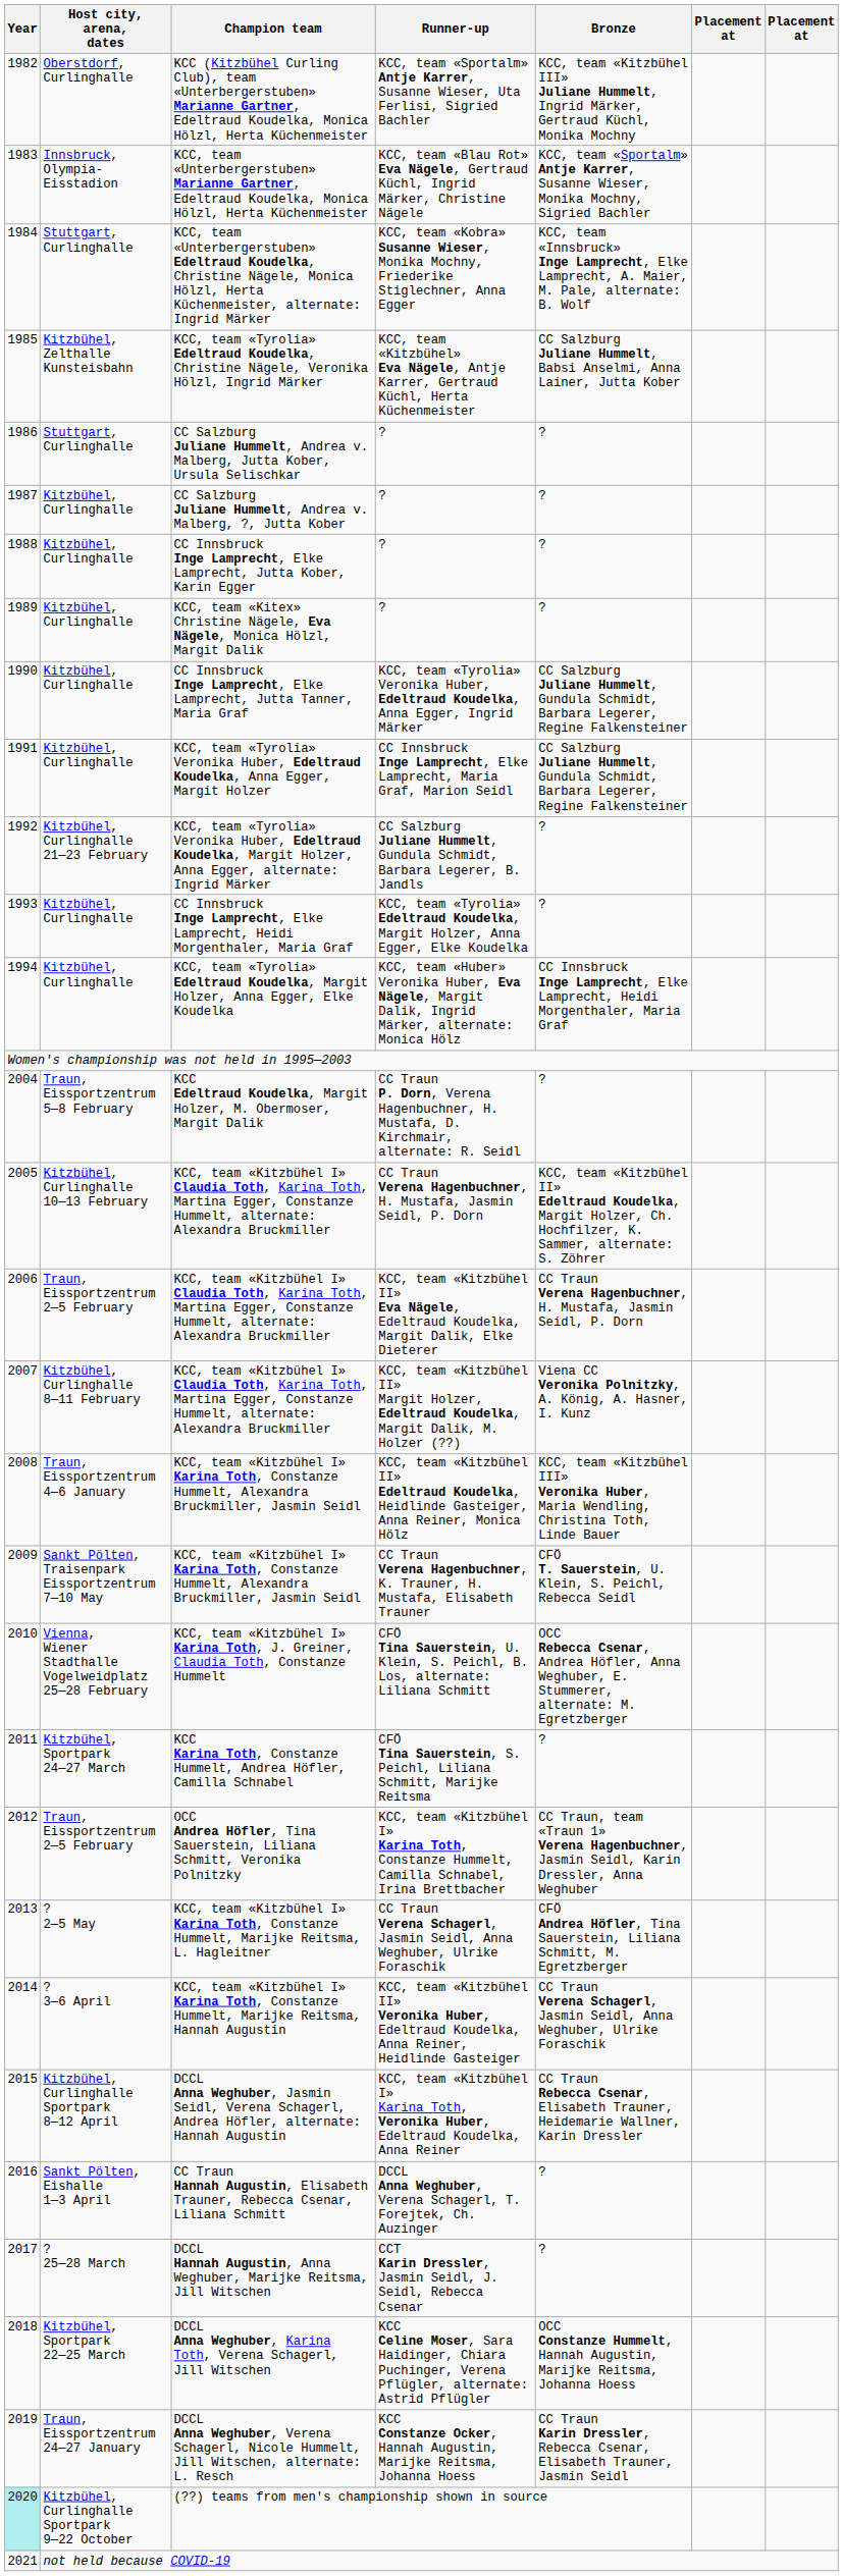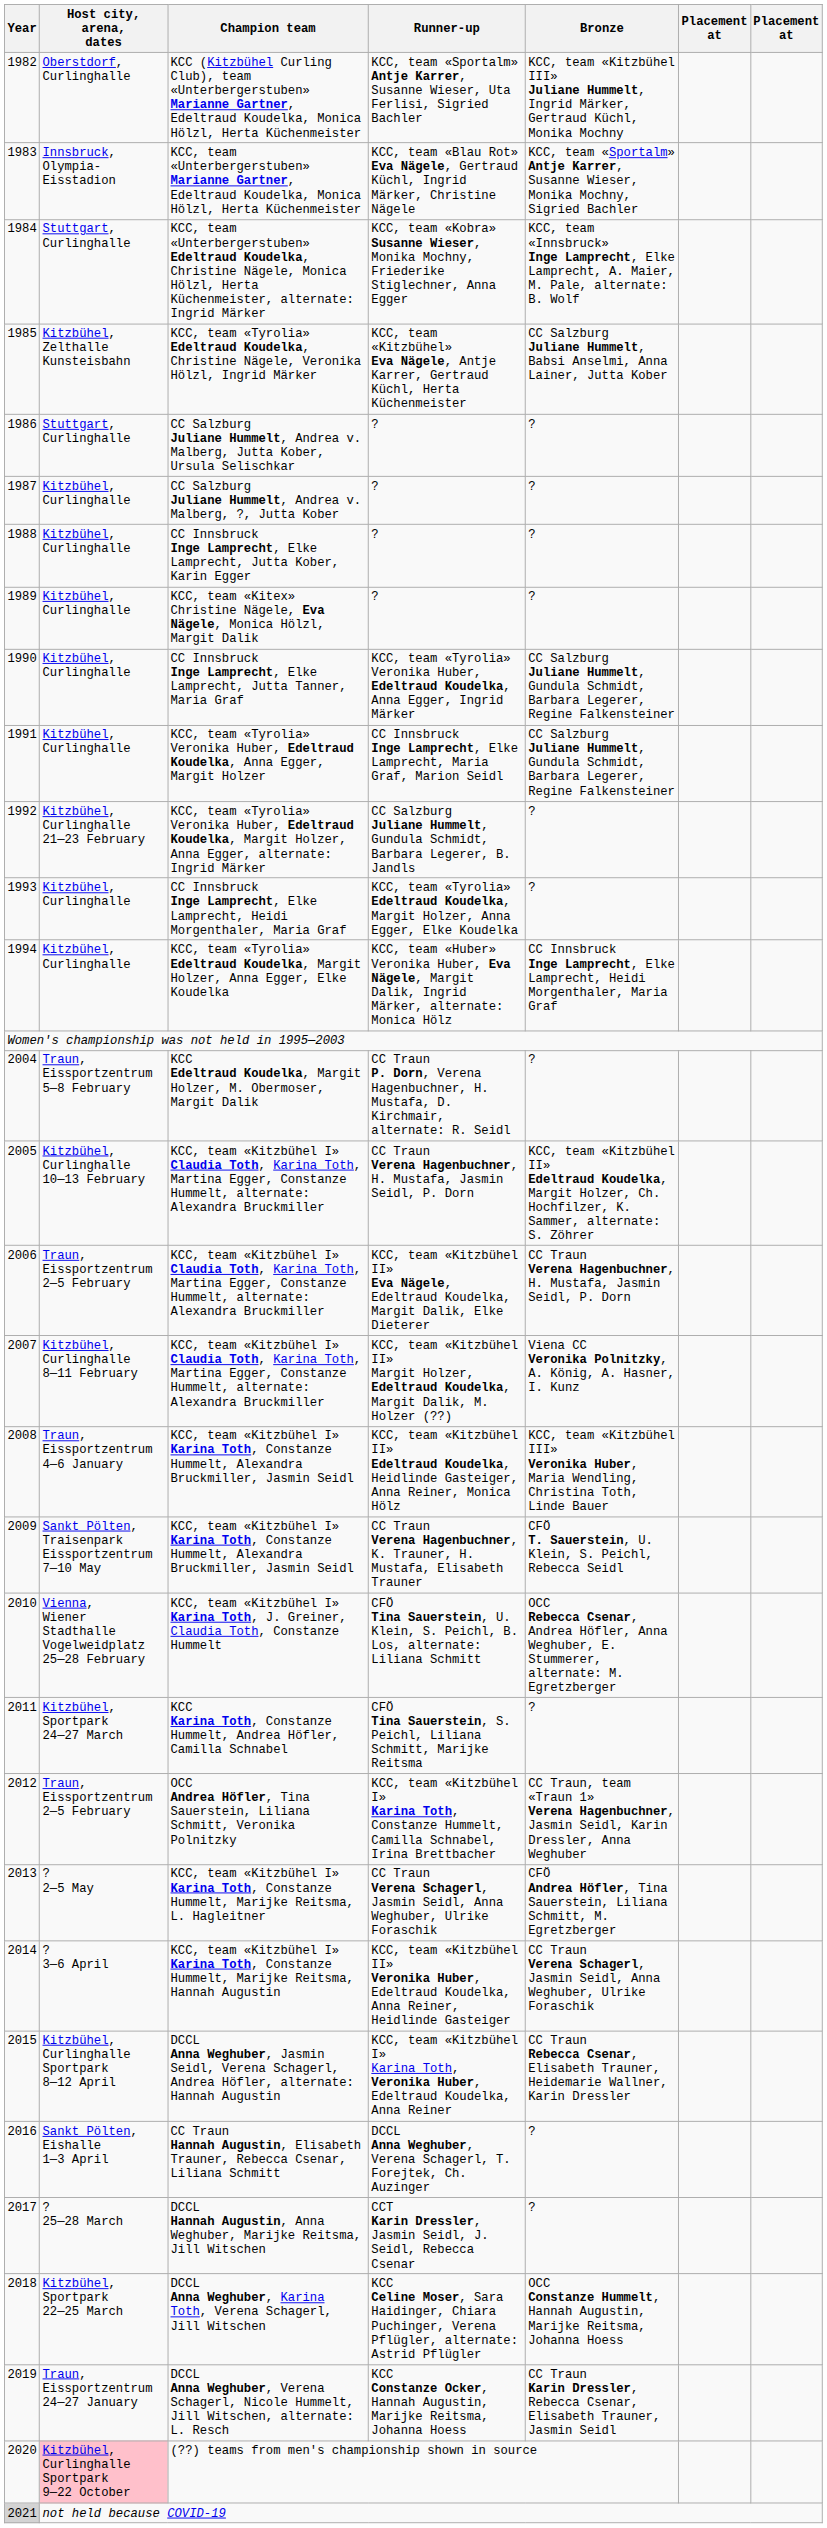 <table class="wikitable" border="1">
 <tr>
 <th>Year</th>
 <th>Host city, arena,<br>dates</th>
 <th>Champion team</th>
 <th>Runner-up</th>
 <th>Bronze</th>
 <th>Placement<br>at </th>
 <th>Placement<br>at </th>
 </tr>
 <tr valign="top">
 <td>1982</td>
 <td><a href='#'>Oberstdorf</a>,<br>Curlinghalle</td>
 <td>KCC (<a href='#'>Kitzbühel</a> Curling Club), team «Unterbergerstuben»<br><strong><a href='#'>Marianne Gartner</a></strong>, Edeltraud Koudelka, Monica Hölzl, Herta Küchenmeister</td>
 <td>KCC, team «Sportalm»<br><strong>Antje Karrer</strong>, Susanne Wieser, Uta Ferlisi, Sigried Bachler</td>
 <td>KCC, team «Kitzbühel III»<br><strong>Juliane Hummelt</strong>, Ingrid Märker, Gertraud Küchl, Monika Mochny</td>
 <td></td>
 <td></td>
 </tr>
 <tr valign="top">
 <td>1983</td>
 <td><a href='#'>Innsbruck</a>,<br>Olympia-Eisstadion</td>
 <td>KCC, team «Unterbergerstuben»<br><strong><a href='#'>Marianne Gartner</a></strong>, Edeltraud Koudelka, Monica Hölzl, Herta Küchenmeister</td>
 <td>KCC, team «Blau Rot»<br><strong>Eva Nägele</strong>, Gertraud Küchl, Ingrid Märker, Christine Nägele</td>
 <td>KCC, team «<a href='#'>Sportalm</a>»<br><strong>Antje Karrer</strong>, Susanne Wieser, Monika Mochny, Sigried Bachler</td>
 <td></td>
 <td></td>
 </tr>
 <tr valign="top">
 <td>1984</td>
 <td><a href='#'>Stuttgart</a>,<br>Curlinghalle</td>
 <td>KCC, team «Unterbergerstuben»<br><strong>Edeltraud Koudelka</strong>, Christine Nägele, Monica Hölzl, Herta Küchenmeister, alternate: Ingrid Märker</td>
 <td>KCC, team «Kobra»<br><strong>Susanne Wieser</strong>, Monika Mochny, Friederike Stiglechner, Anna Egger</td>
 <td>KCC, team «Innsbruck»<br><strong>Inge Lamprecht</strong>, Elke Lamprecht, A. Maier, M. Pale, alternate: B. Wolf</td>
 <td></td>
 <td></td>
 </tr>
 <tr valign="top">
 <td>1985</td>
 <td><a href='#'>Kitzbühel</a>,<br>Zelthalle Kunsteisbahn</td>
 <td>KCC, team «Tyrolia»<br><strong>Edeltraud Koudelka</strong>, Christine Nägele, Veronika Hölzl, Ingrid Märker</td>
 <td>KCC, team «Kitzbühel»<br><strong>Eva Nägele</strong>, Antje Karrer, Gertraud Küchl, Herta Küchenmeister</td>
 <td>CC Salzburg<br><strong>Juliane Hummelt</strong>, Babsi Anselmi, Anna Lainer, Jutta Kober</td>
 <td></td>
 <td></td>
 </tr>
 <tr valign="top">
 <td>1986</td>
 <td><a href='#'>Stuttgart</a>,<br>Curlinghalle</td>
 <td>CC Salzburg<br><strong>Juliane Hummelt</strong>, Andrea v. Malberg, Jutta Kober, Ursula Selischkar</td>
 <td>?</td>
 <td>?</td>
 <td></td>
 <td></td>
 </tr>
 <tr valign="top">
 <td>1987</td>
 <td><a href='#'>Kitzbühel</a>,<br>Curlinghalle</td>
 <td>CC Salzburg<br><strong>Juliane Hummelt</strong>, Andrea v. Malberg, ?, Jutta Kober</td>
 <td>?</td>
 <td>?</td>
 <td></td>
 <td></td>
 </tr>
 <tr valign="top">
 <td>1988</td>
 <td><a href='#'>Kitzbühel</a>,<br>Curlinghalle</td>
 <td>CC Innsbruck<br><strong>Inge Lamprecht</strong>, Elke Lamprecht, Jutta Kober, Karin Egger</td>
 <td>?</td>
 <td>?</td>
 <td></td>
 <td></td>
 </tr>
 <tr valign="top">
 <td>1989</td>
 <td><a href='#'>Kitzbühel</a>,<br>Curlinghalle</td>
 <td>KCC, team «Kitex»<br>Christine Nägele, <strong>Eva Nägele</strong>, Monica Hölzl, Margit Dalik</td>
 <td>?</td>
 <td>?</td>
 <td></td>
 <td></td>
 </tr>
 <tr valign="top">
 <td>1990</td>
 <td><a href='#'>Kitzbühel</a>,<br>Curlinghalle</td>
 <td>CC Innsbruck<br><strong>Inge Lamprecht</strong>, Elke Lamprecht, Jutta Tanner, Maria Graf</td>
 <td>KCC, team «Tyrolia»<br>Veronika Huber, <strong>Edeltraud Koudelka</strong>, Anna Egger, Ingrid Märker</td>
 <td>CC Salzburg<br><strong>Juliane Hummelt</strong>, Gundula Schmidt, Barbara Legerer, Regine Falkensteiner</td>
 <td></td>
 <td></td>
 </tr>
 <tr valign="top">
 <td>1991</td>
 <td><a href='#'>Kitzbühel</a>,<br>Curlinghalle</td>
 <td>KCC, team «Tyrolia»<br>Veronika Huber, <strong>Edeltraud Koudelka</strong>, Anna Egger, Margit Holzer</td>
 <td>CC Innsbruck<br><strong>Inge Lamprecht</strong>, Elke Lamprecht, Maria Graf, Marion Seidl</td>
 <td>CC Salzburg<br><strong>Juliane Hummelt</strong>, Gundula Schmidt, Barbara Legerer, Regine Falkensteiner</td>
 <td></td>
 <td></td>
 </tr>
 <tr valign="top">
 <td>1992</td>
 <td><a href='#'>Kitzbühel</a>,<br>Curlinghalle<br>21—23 February</td>
 <td>KCC, team «Tyrolia»<br>Veronika Huber, <strong>Edeltraud Koudelka</strong>, Margit Holzer, Anna Egger, alternate: Ingrid Märker</td>
 <td>CC Salzburg<br><strong>Juliane Hummelt</strong>, Gundula Schmidt, Barbara Legerer, B. Jandls</td>
 <td>?</td>
 <td></td>
 <td></td>
 </tr>
 <tr valign="top">
 <td>1993</td>
 <td><a href='#'>Kitzbühel</a>,<br>Curlinghalle</td>
 <td>CC Innsbruck<br><strong>Inge Lamprecht</strong>, Elke Lamprecht, Heidi Morgenthaler, Maria Graf</td>
 <td>KCC, team «Tyrolia»<br><strong>Edeltraud Koudelka</strong>, Margit Holzer, Anna Egger, Elke Koudelka</td>
 <td>?</td>
 <td></td>
 <td></td>
 </tr>
 <tr valign="top">
 <td>1994</td>
 <td><a href='#'>Kitzbühel</a>,<br>Curlinghalle</td>
 <td>KCC, team «Tyrolia»<br><strong>Edeltraud Koudelka</strong>, Margit Holzer, Anna Egger, Elke Koudelka</td>
 <td>KCC, team «Huber»<br>Veronika Huber, <strong>Eva Nägele</strong>, Margit Dalik, Ingrid Märker, alternate: Monica Hölz</td>
 <td>CC Innsbruck<br><strong>Inge Lamprecht</strong>, Elke Lamprecht, Heidi Morgenthaler, Maria Graf</td>
 <td></td>
 <td></td>
 </tr>
 <tr valign="top">
 <td colspan=7><em>Women's championship was not held in 1995—2003</em></td>
 </tr>
 <tr valign="top">
 <td>2004</td>
 <td><a href='#'>Traun</a>,<br>Eissportzentrum<br>5—8 February</td>
 <td>KCC<br><strong>Edeltraud Koudelka</strong>, Margit Holzer, M. Obermoser, Margit Dalik</td>
 <td>CC Traun<br><strong>P. Dorn</strong>, Verena Hagenbuchner, H. Mustafa, D. Kirchmair, alternate: R. Seidl</td>
 <td>?</td>
 <td></td>
 <td></td>
 </tr>
 <tr valign="top">
 <td>2005</td>
 <td><a href='#'>Kitzbühel</a>,<br>Curlinghalle<br>10—13 February</td>
 <td>KCC, team «Kitzbühel I»<br><strong><a href='#'>Claudia Toth</a></strong>, <a href='#'>Karina Toth</a>, Martina Egger, Constanze Hummelt, alternate: Alexandra Bruckmiller</td>
 <td>CC Traun<br><strong>Verena Hagenbuchner</strong>, H. Mustafa, Jasmin Seidl, P. Dorn</td>
 <td>KCC, team «Kitzbühel II»<br><strong>Edeltraud Koudelka</strong>, Margit Holzer, Ch. Hochfilzer, K. Sammer, alternate: S. Zöhrer</td>
 <td></td>
 <td></td>
 </tr>
 <tr valign="top">
 <td>2006</td>
 <td><a href='#'>Traun</a>,<br>Eissportzentrum<br>2—5 February</td>
 <td>KCC, team «Kitzbühel I»<br><strong><a href='#'>Claudia Toth</a></strong>, <a href='#'>Karina Toth</a>, Martina Egger, Constanze Hummelt, alternate: Alexandra Bruckmiller</td>
 <td>KCC, team «Kitzbühel II»<br><strong>Eva Nägele</strong>, Edeltraud Koudelka, Margit Dalik, Elke Dieterer</td>
 <td>CC Traun<br><strong>Verena Hagenbuchner</strong>, H. Mustafa, Jasmin Seidl, P. Dorn</td>
 <td></td>
 <td></td>
 </tr>
 <tr valign="top">
 <td>2007</td>
 <td><a href='#'>Kitzbühel</a>,<br>Curlinghalle<br>8—11 February</td>
 <td>KCC, team «Kitzbühel I»<br><strong><a href='#'>Claudia Toth</a></strong>, <a href='#'>Karina Toth</a>, Martina Egger, Constanze Hummelt, alternate: Alexandra Bruckmiller</td>
 <td>KCC, team «Kitzbühel II»<br>Margit Holzer, <strong>Edeltraud Koudelka</strong>, Margit Dalik, M. Holzer (??)</td>
 <td>Viena CC<br><strong>Veronika Polnitzky</strong>, A. König, A. Hasner, I. Kunz</td>
 <td></td>
 <td></td>
 </tr>
 <tr valign="top">
 <td>2008</td>
 <td><a href='#'>Traun</a>,<br>Eissportzentrum<br>4—6 January</td>
 <td>KCC, team «Kitzbühel I»<br><strong><a href='#'>Karina Toth</a></strong>, Constanze Hummelt, Alexandra Bruckmiller, Jasmin Seidl</td>
 <td>KCC, team «Kitzbühel II»<br><strong>Edeltraud Koudelka</strong>, Heidlinde Gasteiger, Anna Reiner, Monica Hölz</td>
 <td>KCC, team «Kitzbühel III»<br><strong>Veronika Huber</strong>, Maria Wendling, Christina Toth, Linde Bauer</td>
 <td></td>
 <td></td>
 </tr>
 <tr valign="top">
 <td>2009</td>
 <td><a href='#'>Sankt Pölten</a>,<br>Traisenpark Eissportzentrum<br>7—10 May</td>
 <td>KCC, team «Kitzbühel I»<br><strong><a href='#'>Karina Toth</a></strong>, Constanze Hummelt, Alexandra Bruckmiller, Jasmin Seidl</td>
 <td>CC Traun<br><strong>Verena Hagenbuchner</strong>, K. Trauner, H. Mustafa, Elisabeth Trauner</td>
 <td>CFÖ<br><strong>T. Sauerstein</strong>, U. Klein, S. Peichl, Rebecca Seidl</td>
 <td></td>
 <td></td>
 </tr>
 <tr valign="top">
 <td>2010</td>
 <td><a href='#'>Vienna</a>,<br>Wiener Stadthalle Vogelweidplatz<br>25—28 February</td>
 <td>KCC, team «Kitzbühel I»<br><strong><a href='#'>Karina Toth</a></strong>, J. Greiner, <a href='#'>Claudia Toth</a>, Constanze Hummelt</td>
 <td>CFÖ<br><strong>Tina Sauerstein</strong>, U. Klein, S. Peichl, B. Los, alternate: Liliana Schmitt</td>
 <td>OCC<br><strong>Rebecca Csenar</strong>, Andrea Höfler, Anna Weghuber, E. Stummerer, alternate: M. Egretzberger</td>
 <td></td>
 <td></td>
 </tr>
 <tr valign="top">
 <td>2011</td>
 <td><a href='#'>Kitzbühel</a>,<br>Sportpark<br>24—27 March</td>
 <td>KCC<br><strong><a href='#'>Karina Toth</a></strong>, Constanze Hummelt, Andrea Höfler, Camilla Schnabel</td>
 <td>CFÖ<br><strong>Tina Sauerstein</strong>, S. Peichl, Liliana Schmitt, Marijke Reitsma</td>
 <td>?</td>
 <td></td>
 <td></td>
 </tr>
 <tr valign="top">
 <td>2012</td>
 <td><a href='#'>Traun</a>,<br>Eissportzentrum<br>2—5 February</td>
 <td>OCC<br><strong>Andrea Höfler</strong>, Tina Sauerstein, Liliana Schmitt, Veronika Polnitzky</td>
 <td>KCC, team «Kitzbühel I»<br><strong><a href='#'>Karina Toth</a></strong>, Constanze Hummelt, Camilla Schnabel, Irina Brettbacher</td>
 <td>CC Traun, team «Traun 1»<br><strong>Verena Hagenbuchner</strong>, Jasmin Seidl, Karin Dressler, Anna Weghuber</td>
 <td></td>
 <td></td>
 </tr>
 <tr valign="top">
 <td>2013</td>
 <td>?<br>2—5 May</td>
 <td>KCC, team «Kitzbühel I»<br><strong><a href='#'>Karina Toth</a></strong>, Constanze Hummelt, Marijke Reitsma, L. Hagleitner</td>
 <td>CC Traun<br><strong>Verena Schagerl</strong>, Jasmin Seidl, Anna Weghuber, Ulrike Foraschik</td>
 <td>CFÖ<br><strong>Andrea Höfler</strong>, Tina Sauerstein, Liliana Schmitt, M. Egretzberger</td>
 <td></td>
 <td></td>
 </tr>
 <tr valign="top">
 <td>2014</td>
 <td>?<br>3—6 April</td>
 <td>KCC, team «Kitzbühel I»<br><strong><a href='#'>Karina Toth</a></strong>, Constanze Hummelt, Marijke Reitsma, Hannah Augustin</td>
 <td>KCC, team «Kitzbühel II»<br><strong>Veronika Huber</strong>, Edeltraud Koudelka, Anna Reiner, Heidlinde Gasteiger</td>
 <td>CC Traun<br><strong>Verena Schagerl</strong>, Jasmin Seidl, Anna Weghuber, Ulrike Foraschik</td>
 <td></td>
 <td></td>
 </tr>
 <tr valign="top">
 <td>2015</td>
 <td><a href='#'>Kitzbühel</a>,<br>Curlinghalle Sportpark<br>8—12 April</td>
 <td>DCCL<br><strong>Anna Weghuber</strong>, Jasmin Seidl, Verena Schagerl, Andrea Höfler, alternate: Hannah Augustin</td>
 <td>KCC, team «Kitzbühel I»<br><a href='#'>Karina Toth</a>, <strong>Veronika Huber</strong>, Edeltraud Koudelka, Anna Reiner</td>
 <td>CC Traun<br><strong>Rebecca Csenar</strong>, Elisabeth Trauner, Heidemarie Wallner, Karin Dressler</td>
 <td></td>
 <td></td>
 </tr>
 <tr valign="top">
 <td>2016</td>
 <td><a href='#'>Sankt Pölten</a>,<br>Eishalle<br>1—3 April</td>
 <td>CC Traun<br><strong>Hannah Augustin</strong>, Elisabeth Trauner, Rebecca Csenar, Liliana Schmitt</td>
 <td>DCCL<br><strong>Anna Weghuber</strong>, Verena Schagerl, T. Forejtek, Ch. Auzinger</td>
 <td>?</td>
 <td></td>
 <td></td>
 </tr>
 <tr valign="top">
 <td>2017</td>
 <td>?<br>25—28 March</td>
 <td>DCCL<br><strong>Hannah Augustin</strong>, Anna Weghuber, Marijke Reitsma, Jill Witschen</td>
 <td>CCT<br><strong>Karin Dressler</strong>, Jasmin Seidl, J. Seidl, Rebecca Csenar</td>
 <td>?</td>
 <td></td>
 <td></td>
 </tr>
 <tr valign="top">
 <td>2018</td>
 <td><a href='#'>Kitzbühel</a>,<br>Sportpark<br>22—25 March</td>
 <td>DCCL<br><strong>Anna Weghuber</strong>, <a href='#'>Karina Toth</a>, Verena Schagerl, Jill Witschen</td>
 <td>KCC<br><strong>Celine Moser</strong>, Sara Haidinger, Chiara Puchinger, Verena Pflügler, alternate: Astrid Pflügler</td>
 <td>OCC<br><strong>Constanze Hummelt</strong>, Hannah Augustin, Marijke Reitsma, Johanna Hoess</td>
 <td></td>
 <td></td>
 </tr>
 <tr valign="top">
 <td>2019</td>
 <td><a href='#'>Traun</a>,<br>Eissportzentrum<br>24—27 January</td>
 <td>DCCL<br><strong>Anna Weghuber</strong>, Verena Schagerl, Nicole Hummelt, Jill Witschen, alternate: L. Resch</td>
 <td>KCC<br><strong>Constanze Ocker</strong>, Hannah Augustin, Marijke Reitsma, Johanna Hoess</td>
 <td>CC Traun<br><strong>Karin Dressler</strong>, Rebecca Csenar, Elisabeth Trauner, Jasmin Seidl</td>
 <td></td>
 <td></td>
 </tr>
 <tr valign="top">
-<td style="background: paleturquoise;">2020</td>
-<td><a href='#'>Kitzbühel</a>,<br>Curlinghalle Sportpark<br>9—22 October</td>
+<td>2020</td>
+<td style="background: pink;"><a href='#'>Kitzbühel</a>,<br>Curlinghalle Sportpark<br>9—22 October</td>
 <td colspan=3>(??) teams from men's championship shown in source</td>
 <td></td>
 <td></td>
 </tr>
 <tr>
-<td>2021</td>
+<td style="background: lightgrey;">2021</td>
 <td colspan=6><em>not held because <a href='#'>COVID-19</a></em><br></td>
 </tr>
 </table>
